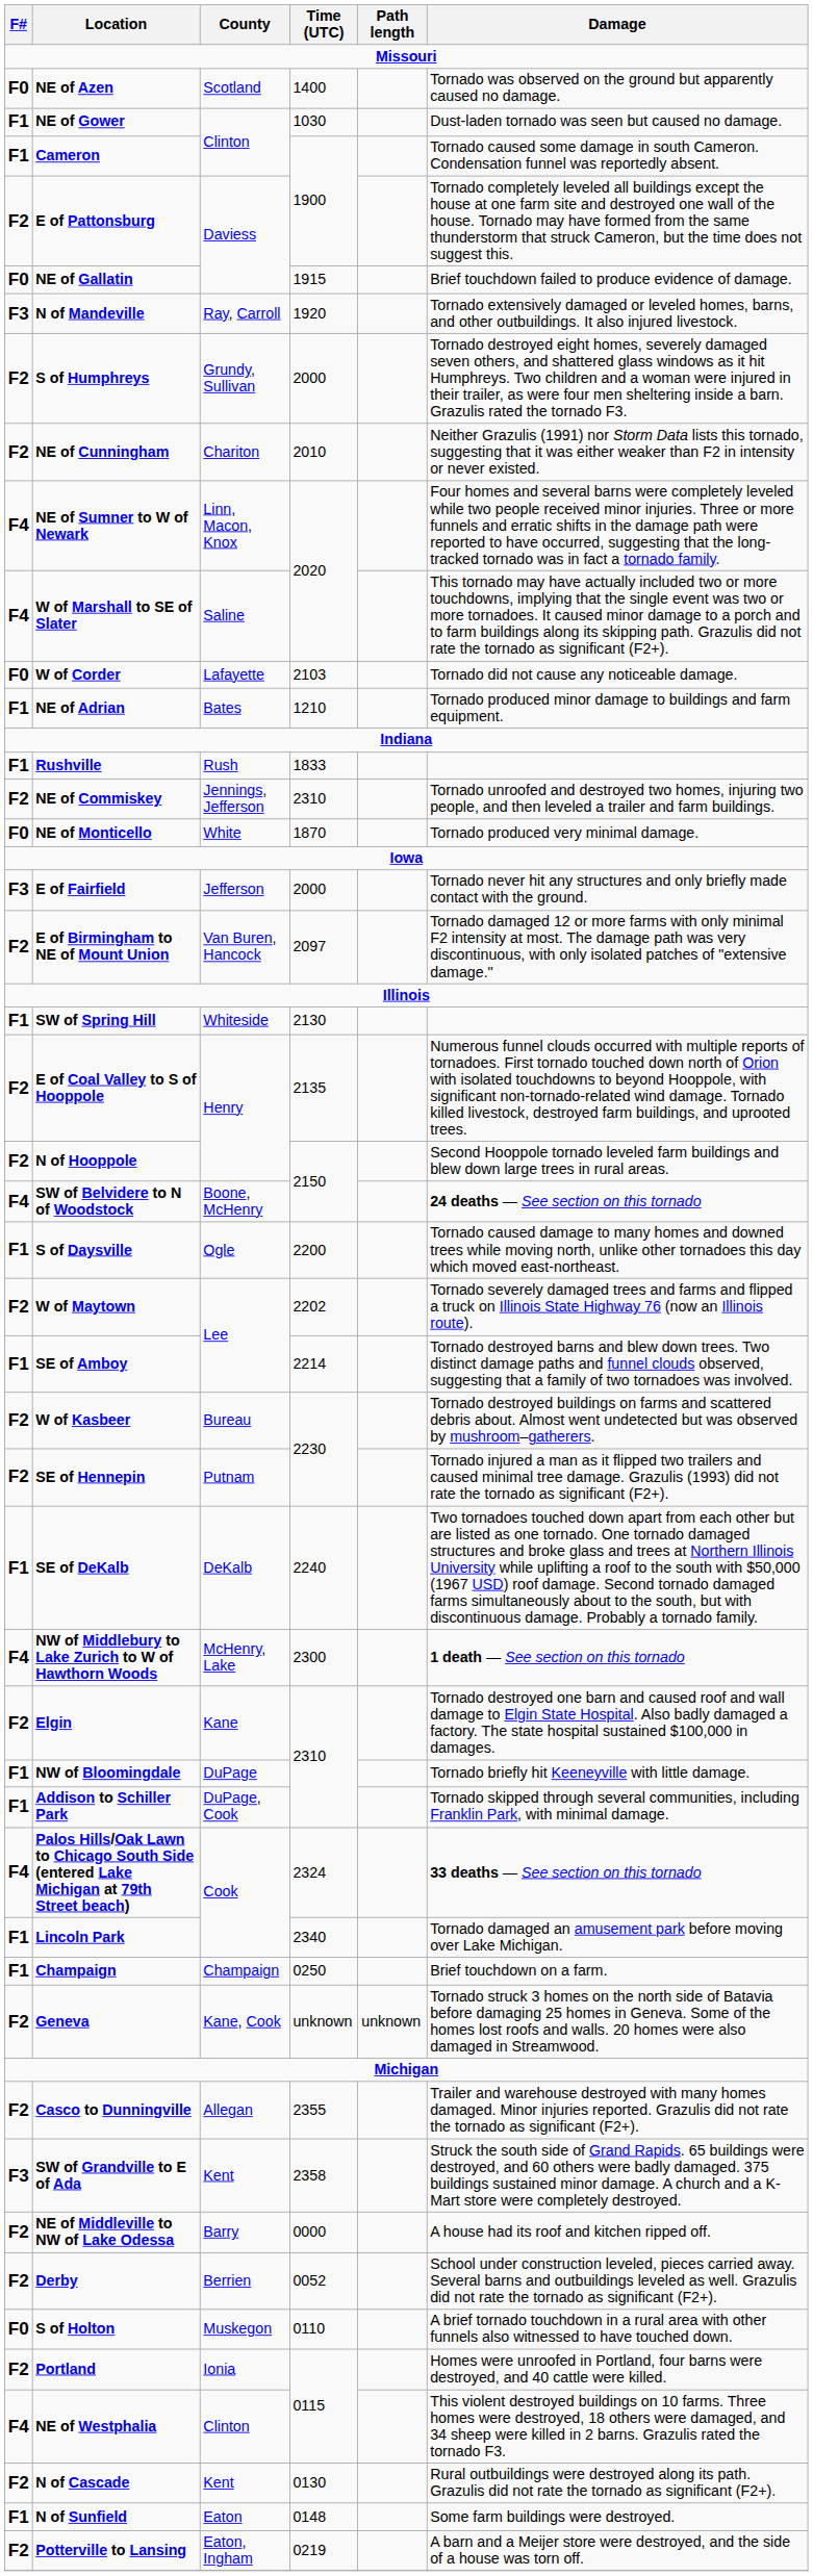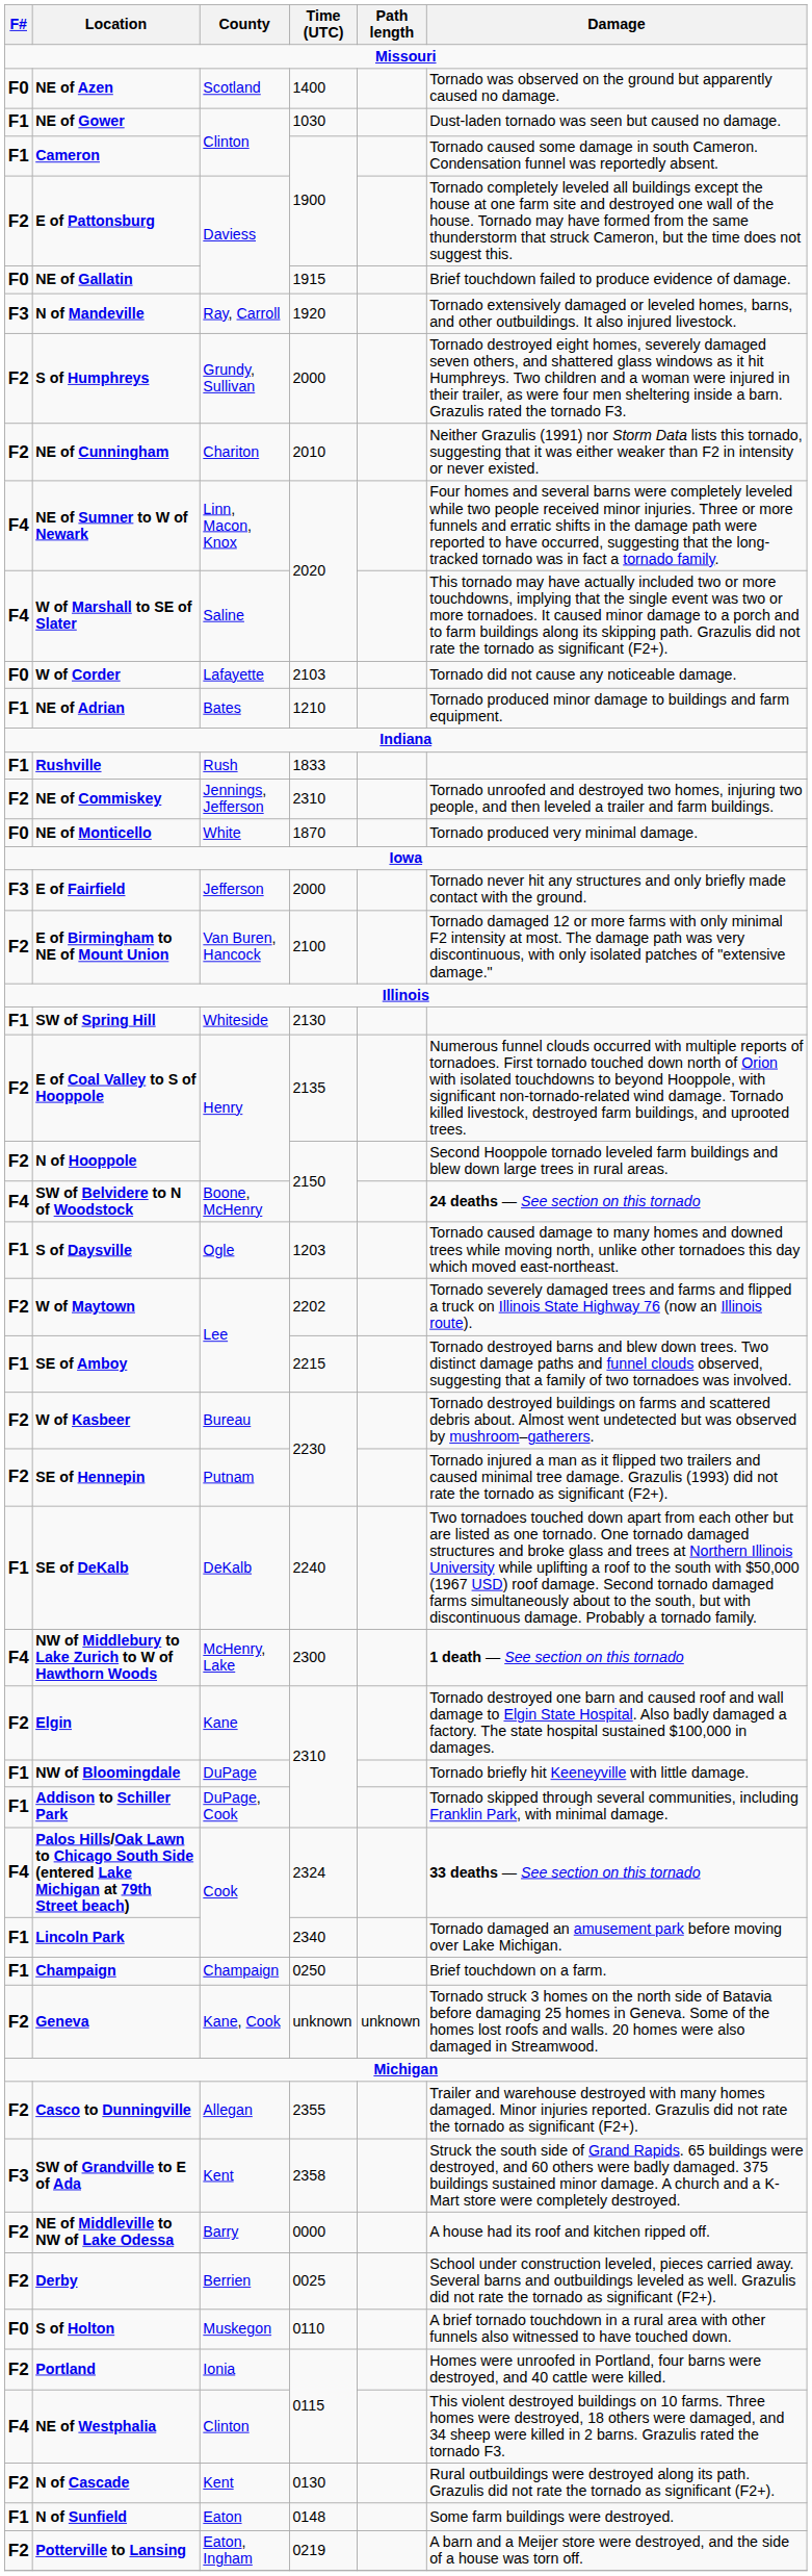 <table class="wikitable">
 <tr>
 <th><a href='#'>F#</a></th>
 <th>Location</th>
 <th>County</th>
 <th>Time (UTC)</th>
 <th>Path length</th>
 <th>Damage</th>
 </tr>
 <tr>
 <td colspan=7 style="text-align:center;"><strong><a href='#'>Missouri</a></strong></td>
 </tr>
 <tr>
 <td><big><strong>F0</strong></big></td>
 <td><strong>NE of <a href='#'>Azen</a></strong></td>
 <td><a href='#'>Scotland</a></td>
 <td>1400</td>
 <td></td>
 <td>Tornado was observed on the ground but apparently caused no damage.</td>
 </tr>
 <tr>
 <td><big><strong>F1</strong></big></td>
 <td><strong>NE of <a href='#'>Gower</a></strong></td>
 <td rowspan="2"><a href='#'>Clinton</a></td>
 <td>1030</td>
 <td></td>
 <td>Dust-laden tornado was seen but caused no damage.</td>
 </tr>
 <tr>
 <td><big><strong>F1</strong></big></td>
 <td><strong><a href='#'>Cameron</a></strong></td>
 <td rowspan="2">1900</td>
 <td></td>
 <td>Tornado caused some damage in south Cameron. Condensation funnel was reportedly absent.</td>
 </tr>
 <tr>
 <td><big><strong>F2</strong></big></td>
 <td><strong>E of <a href='#'>Pattonsburg</a></strong></td>
 <td rowspan="2"><a href='#'>Daviess</a></td>
 <td></td>
 <td>Tornado completely leveled all buildings except the house at one farm site and destroyed one wall of the house. Tornado may have formed from the same thunderstorm that struck Cameron, but the time does not suggest this.</td>
 </tr>
 <tr>
 <td><big><strong>F0</strong></big></td>
 <td><strong>NE of <a href='#'>Gallatin</a></strong></td>
 <td>1915</td>
 <td></td>
 <td>Brief touchdown failed to produce evidence of damage.</td>
 </tr>
 <tr>
 <td><big><strong>F3</strong></big></td>
 <td><strong>N of <a href='#'>Mandeville</a></strong></td>
 <td><a href='#'>Ray</a>, <a href='#'>Carroll</a></td>
 <td>1920</td>
 <td></td>
 <td>Tornado extensively damaged or leveled homes, barns, and other outbuildings. It also injured livestock.</td>
 </tr>
 <tr>
 <td><big><strong>F2</strong></big></td>
 <td><strong>S of <a href='#'>Humphreys</a></strong></td>
 <td><a href='#'>Grundy</a>, <a href='#'>Sullivan</a></td>
 <td>2000</td>
 <td></td>
 <td>Tornado destroyed eight homes, severely damaged seven others, and shattered glass windows as it hit Humphreys. Two children and a woman were injured in their trailer, as were four men sheltering inside a barn. Grazulis rated the tornado F3.</td>
 </tr>
 <tr>
 <td><big><strong>F2</strong></big></td>
 <td><strong>NE of <a href='#'>Cunningham</a></strong></td>
 <td><a href='#'>Chariton</a></td>
 <td>2010</td>
 <td></td>
 <td>Neither Grazulis (1991) nor <em>Storm Data</em> lists this tornado, suggesting that it was either weaker than F2 in intensity or never existed.</td>
 </tr>
 <tr>
 <td><big><strong>F4</strong></big></td>
 <td><strong>NE of <a href='#'>Sumner</a> to W of <a href='#'>Newark</a></strong></td>
 <td><a href='#'>Linn</a>, <a href='#'>Macon</a>, <a href='#'>Knox</a></td>
 <td rowspan="2">2020</td>
 <td></td>
 <td>Four homes and several barns were completely leveled while two people received minor injuries. Three or more funnels and erratic shifts in the damage path were reported to have occurred, suggesting that the long-tracked tornado was in fact a <a href='#'>tornado family</a>.</td>
 </tr>
 <tr>
 <td><big><strong>F4</strong></big></td>
 <td><strong>W of <a href='#'>Marshall</a> to SE of <a href='#'>Slater</a></strong></td>
 <td><a href='#'>Saline</a></td>
 <td></td>
 <td>This tornado may have actually included two or more touchdowns, implying that the single event was two or more tornadoes. It caused minor damage to a porch and to farm buildings along its skipping path. Grazulis did not rate the tornado as significant (F2+).</td>
 </tr>
 <tr>
 <td><big><strong>F0</strong></big></td>
 <td><strong>W of <a href='#'>Corder</a></strong></td>
 <td><a href='#'>Lafayette</a></td>
 <td>2103</td>
 <td></td>
 <td>Tornado did not cause any noticeable damage.</td>
 </tr>
 <tr>
 <td><big><strong>F1</strong></big></td>
 <td><strong>NE of <a href='#'>Adrian</a></strong></td>
 <td><a href='#'>Bates</a></td>
 <td>1210</td>
 <td></td>
 <td>Tornado produced minor damage to buildings and farm equipment.</td>
 </tr>
 <tr>
 <td colspan=7 style="text-align:center;"><strong><a href='#'>Indiana</a></strong></td>
 </tr>
 <tr>
 <td><big><strong>F1</strong></big></td>
 <td><strong><a href='#'>Rushville</a></strong></td>
 <td><a href='#'>Rush</a></td>
 <td>1833</td>
 <td></td>
 <td></td>
 </tr>
 <tr>
 <td><big><strong>F2</strong></big></td>
 <td><strong>NE of <a href='#'>Commiskey</a></strong></td>
 <td><a href='#'>Jennings</a>, <a href='#'>Jefferson</a></td>
 <td>2310</td>
 <td></td>
 <td>Tornado unroofed and destroyed two homes, injuring two people, and then leveled a trailer and farm buildings.</td>
 </tr>
 <tr>
 <td><big><strong>F0</strong></big></td>
 <td><strong>NE of <a href='#'>Monticello</a></strong></td>
 <td><a href='#'>White</a></td>
 <td>1870</td>
 <td></td>
 <td>Tornado produced very minimal damage.</td>
 </tr>
 <tr>
 <td colspan=7 style="text-align:center;"><strong><a href='#'>Iowa</a></strong></td>
 </tr>
 <tr>
 <td><big><strong>F3</strong></big></td>
 <td><strong>E of <a href='#'>Fairfield</a></strong></td>
 <td><a href='#'>Jefferson</a></td>
 <td>2000</td>
 <td></td>
 <td>Tornado never hit any structures and only briefly made contact with the ground.</td>
 </tr>
 <tr>
 <td><big><strong>F2</strong></big></td>
 <td><strong>E of <a href='#'>Birmingham</a> to NE of <a href='#'>Mount Union</a></strong></td>
 <td><a href='#'>Van Buren</a>, <a href='#'>Hancock</a></td>
-<td>2097</td>
+<td>2100</td>
 <td></td>
 <td>Tornado damaged 12 or more farms with only minimal F2 intensity at most. The damage path was very discontinuous, with only isolated patches of "extensive damage."</td>
 </tr>
 <tr>
 <td colspan=7 style="text-align:center;"><strong><a href='#'>Illinois</a></strong></td>
 </tr>
 <tr>
 <td><big><strong>F1</strong></big></td>
 <td><strong>SW of <a href='#'>Spring Hill</a></strong></td>
 <td><a href='#'>Whiteside</a></td>
 <td>2130</td>
 <td></td>
 <td></td>
 </tr>
 <tr>
 <td><big><strong>F2</strong></big></td>
 <td><strong>E of <a href='#'>Coal Valley</a> to S of <a href='#'>Hooppole</a></strong></td>
 <td rowspan="2"><a href='#'>Henry</a></td>
 <td>2135</td>
 <td></td>
 <td>Numerous funnel clouds occurred with multiple reports of tornadoes. First tornado touched down north of <a href='#'>Orion</a> with isolated touchdowns to beyond Hooppole, with significant non-tornado-related wind damage. Tornado killed livestock, destroyed farm buildings, and uprooted trees.</td>
 </tr>
 <tr>
 <td><big><strong>F2</strong></big></td>
 <td><strong>N of <a href='#'>Hooppole</a></strong></td>
 <td rowspan="2">2150</td>
 <td></td>
 <td>Second Hooppole tornado leveled farm buildings and blew down large trees in rural areas.</td>
 </tr>
 <tr>
 <td><big><strong>F4</strong></big></td>
 <td><strong>SW of <a href='#'>Belvidere</a> to N of <a href='#'>Woodstock</a></strong></td>
 <td><a href='#'>Boone</a>, <a href='#'>McHenry</a></td>
 <td></td>
 <td><strong>24 deaths</strong> — <em><a href='#'>See section on this tornado</a></em></td>
 </tr>
 <tr>
 <td><big><strong>F1</strong></big></td>
 <td><strong>S of <a href='#'>Daysville</a></strong></td>
 <td><a href='#'>Ogle</a></td>
-<td>2200</td>
+<td>1203</td>
 <td></td>
 <td>Tornado caused damage to many homes and downed trees while moving north, unlike other tornadoes this day which moved east-northeast.</td>
 </tr>
 <tr>
 <td><big><strong>F2</strong></big></td>
 <td><strong>W of <a href='#'>Maytown</a></strong></td>
 <td rowspan="2"><a href='#'>Lee</a></td>
 <td>2202</td>
 <td></td>
 <td>Tornado severely damaged trees and farms and flipped a truck on <a href='#'>Illinois State Highway 76</a> (now an <a href='#'>Illinois route</a>).</td>
 </tr>
 <tr>
 <td><big><strong>F1</strong></big></td>
 <td><strong>SE of <a href='#'>Amboy</a></strong></td>
-<td>2214</td>
+<td>2215</td>
 <td></td>
 <td>Tornado destroyed barns and blew down trees. Two distinct damage paths and <a href='#'>funnel clouds</a> observed, suggesting that a family of two tornadoes was involved.</td>
 </tr>
 <tr>
 <td><big><strong>F2</strong></big></td>
 <td><strong>W of <a href='#'>Kasbeer</a></strong></td>
 <td><a href='#'>Bureau</a></td>
 <td rowspan="2">2230</td>
 <td></td>
 <td>Tornado destroyed buildings on farms and scattered debris about. Almost went undetected but was observed by <a href='#'>mushroom</a>–<a href='#'>gatherers</a>.</td>
 </tr>
 <tr>
 <td><big><strong>F2</strong></big></td>
 <td><strong>SE of <a href='#'>Hennepin</a></strong></td>
 <td><a href='#'>Putnam</a></td>
 <td></td>
 <td>Tornado injured a man as it flipped two trailers and caused minimal tree damage. Grazulis (1993) did not rate the tornado as significant (F2+).</td>
 </tr>
 <tr>
 <td><big><strong>F1</strong></big></td>
 <td><strong>SE of <a href='#'>DeKalb</a></strong></td>
 <td><a href='#'>DeKalb</a></td>
 <td>2240</td>
 <td></td>
 <td>Two tornadoes touched down  apart from each other but are listed as one tornado. One tornado damaged structures and broke glass and trees at <a href='#'>Northern Illinois University</a> while uplifting a roof  to the south with $50,000 (1967 <a href='#'>USD</a>) roof damage. Second tornado damaged farms simultaneously about  to the south, but with discontinuous damage. Probably a tornado family.</td>
 </tr>
 <tr>
 <td><big><strong>F4</strong></big></td>
 <td><strong>NW of <a href='#'>Middlebury</a> to <a href='#'>Lake Zurich</a> to W of <a href='#'>Hawthorn Woods</a></strong></td>
 <td><a href='#'>McHenry</a>, <a href='#'>Lake</a></td>
 <td>2300</td>
 <td></td>
 <td><strong>1 death</strong> — <em><a href='#'>See section on this tornado</a></em></td>
 </tr>
 <tr>
 <td><big><strong>F2</strong></big></td>
 <td><strong><a href='#'>Elgin</a></strong></td>
 <td><a href='#'>Kane</a></td>
 <td rowspan="3">2310</td>
 <td></td>
 <td>Tornado destroyed one barn and caused roof and wall damage to <a href='#'>Elgin State Hospital</a>. Also badly damaged a factory. The state hospital sustained $100,000 in damages.</td>
 </tr>
 <tr>
 <td><big><strong>F1</strong></big></td>
 <td><strong>NW of <a href='#'>Bloomingdale</a></strong></td>
 <td><a href='#'>DuPage</a></td>
 <td></td>
 <td>Tornado briefly hit <a href='#'>Keeneyville</a> with little damage.</td>
 </tr>
 <tr>
 <td><big><strong>F1</strong></big></td>
 <td><strong><a href='#'>Addison</a> to <a href='#'>Schiller Park</a></strong></td>
 <td><a href='#'>DuPage</a>, <a href='#'>Cook</a></td>
 <td></td>
 <td>Tornado skipped through several communities, including <a href='#'>Franklin Park</a>, with minimal damage.</td>
 </tr>
 <tr>
 <td><big><strong>F4</strong></big></td>
 <td><strong><a href='#'>Palos Hills</a>/<a href='#'>Oak Lawn</a> to <a href='#'>Chicago South Side</a> (entered <a href='#'>Lake Michigan</a> at <a href='#'>79th Street beach</a></strong><strong>)</strong></td>
 <td rowspan="2"><a href='#'>Cook</a></td>
 <td>2324</td>
 <td></td>
 <td><strong>33 deaths</strong> — <em><a href='#'>See section on this tornado</a></em></td>
 </tr>
 <tr>
 <td><big><strong>F1</strong></big></td>
 <td><strong><a href='#'>Lincoln Park</a></strong></td>
 <td>2340</td>
 <td></td>
 <td>Tornado damaged an <a href='#'>amusement park</a> before moving over Lake Michigan.</td>
 </tr>
 <tr>
 <td><big><strong>F1</strong></big></td>
 <td><strong><a href='#'>Champaign</a></strong></td>
 <td><a href='#'>Champaign</a></td>
 <td>0250</td>
 <td></td>
 <td>Brief touchdown on a farm.</td>
 </tr>
 <tr>
 <td><big><strong>F2</strong></big></td>
 <td><strong><a href='#'>Geneva</a></strong></td>
 <td><a href='#'>Kane</a>, <a href='#'>Cook</a></td>
 <td>unknown</td>
 <td>unknown</td>
 <td>Tornado struck 3 homes on the north side of Batavia before damaging 25 homes in Geneva. Some of the homes lost roofs and walls. 20 homes were also damaged in Streamwood.</td>
 </tr>
 <tr>
 <td colspan=7 style="text-align:center;"><strong><a href='#'>Michigan</a></strong></td>
 </tr>
 <tr>
 <td><big><strong>F2</strong></big></td>
 <td><strong><a href='#'>Casco</a> to <a href='#'>Dunningville</a></strong></td>
 <td><a href='#'>Allegan</a></td>
 <td>2355</td>
 <td></td>
 <td>Trailer and warehouse destroyed with many homes damaged. Minor injuries reported. Grazulis did not rate the tornado as significant (F2+).</td>
 </tr>
 <tr>
 <td><big><strong>F3</strong></big></td>
 <td><strong>SW of <a href='#'>Grandville</a> to E of <a href='#'>Ada</a></strong></td>
 <td><a href='#'>Kent</a></td>
 <td>2358</td>
 <td></td>
 <td>Struck the south side of <a href='#'>Grand Rapids</a>. 65 buildings were destroyed, and 60 others were badly damaged. 375 buildings sustained minor damage. A church and a K-Mart store were completely destroyed.</td>
 </tr>
 <tr>
 <td><big><strong>F2</strong></big></td>
 <td><strong>NE of <a href='#'>Middleville</a> to NW of <a href='#'>Lake Odessa</a></strong></td>
 <td><a href='#'>Barry</a></td>
 <td>0000</td>
 <td></td>
 <td>A house had its roof and kitchen ripped off.</td>
 </tr>
 <tr>
 <td><big><strong>F2</strong></big></td>
 <td><strong><a href='#'>Derby</a></strong></td>
 <td><a href='#'>Berrien</a></td>
-<td>0052</td>
+<td>0025</td>
 <td></td>
 <td>School under construction leveled, pieces carried  away. Several barns and outbuildings leveled as well. Grazulis did not rate the tornado as significant (F2+).</td>
 </tr>
 <tr>
 <td><big><strong>F0</strong></big></td>
 <td><strong>S of <a href='#'>Holton</a></strong></td>
 <td><a href='#'>Muskegon</a></td>
 <td>0110</td>
 <td></td>
 <td>A brief tornado touchdown in a rural area with other funnels also witnessed to have touched down.</td>
 </tr>
 <tr>
 <td><big><strong>F2</strong></big></td>
 <td><strong><a href='#'>Portland</a></strong></td>
 <td><a href='#'>Ionia</a></td>
 <td rowspan="2">0115</td>
 <td></td>
 <td>Homes were unroofed in Portland, four barns were destroyed, and 40 cattle were killed.</td>
 </tr>
 <tr>
 <td><big><strong>F4</strong></big></td>
 <td><strong>NE of <a href='#'>Westphalia</a></strong></td>
 <td><a href='#'>Clinton</a></td>
 <td></td>
 <td>This violent destroyed buildings on 10 farms. Three homes were destroyed, 18 others were damaged, and 34 sheep were killed in 2 barns. Grazulis rated the tornado F3.</td>
 </tr>
 <tr>
 <td><big><strong>F2</strong></big></td>
 <td><strong>N of <a href='#'>Cascade</a></strong></td>
 <td><a href='#'>Kent</a></td>
 <td>0130</td>
 <td></td>
 <td>Rural outbuildings were destroyed along its path. Grazulis did not rate the tornado as significant (F2+).</td>
 </tr>
 <tr>
 <td><big><strong>F1</strong></big></td>
 <td><strong>N of <a href='#'>Sunfield</a></strong></td>
 <td><a href='#'>Eaton</a></td>
 <td>0148</td>
 <td></td>
 <td>Some farm buildings were destroyed.</td>
 </tr>
 <tr>
 <td><big><strong>F2</strong></big></td>
 <td><strong><a href='#'>Potterville</a> to <a href='#'>Lansing</a></strong></td>
 <td><a href='#'>Eaton</a>, <a href='#'>Ingham</a></td>
 <td>0219</td>
 <td></td>
 <td>A barn and a Meijer store were destroyed, and the side of a house was torn off.</td>
 </tr>
 <tr>
 </tr>
 </table>
